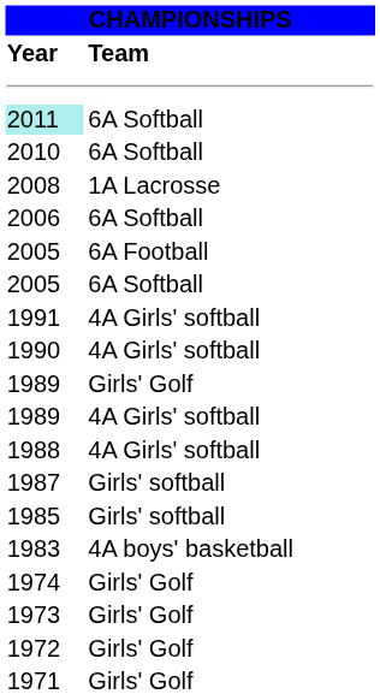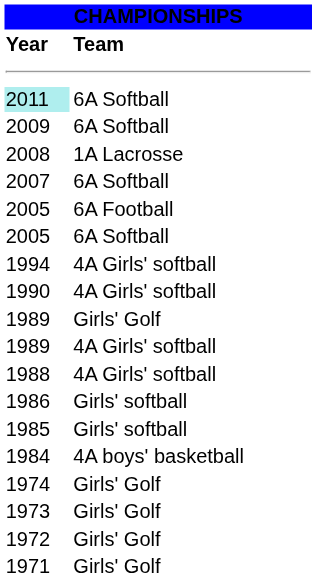 <table class="toccolours"  style="fixed:left; margin-left:1em; width:250px;">
 <tr>
 <th colspan="2" style="text-align: center; background:blue"><span><strong>CHAMPIONSHIPS</strong></span></th>
 </tr>
 <tr>
 <td><strong>Year</strong></td>
 <td><strong>Team</strong></td>
 </tr>
 <tr>
 <td colspan="2"><hr></td>
 </tr>
 <tr>
 <td style="background: paleturquoise;">2011</td>
 <td>6A Softball</td>
 </tr>
 <tr>
-<td>2010</td>
+<td>2009</td>
 <td>6A Softball</td>
 </tr>
 <tr>
 <td>2008</td>
 <td>1A Lacrosse</td>
 </tr>
 <tr>
-<td>2006</td>
+<td>2007</td>
 <td>6A Softball</td>
 </tr>
 <tr>
 <td>2005</td>
 <td>6A Football</td>
 </tr>
 <tr>
 <td>2005</td>
 <td>6A Softball</td>
 </tr>
 <tr>
-<td>1991</td>
+<td>1994</td>
 <td>4A Girls' softball</td>
 </tr>
 <tr>
 <td>1990</td>
 <td>4A Girls' softball</td>
 </tr>
 <tr>
 <td>1989</td>
 <td>Girls' Golf</td>
 </tr>
 <tr>
 <td>1989</td>
 <td>4A Girls' softball</td>
 </tr>
 <tr>
 <td>1988</td>
 <td>4A Girls' softball</td>
 </tr>
 <tr>
-<td>1987</td>
+<td>1986</td>
 <td>Girls' softball</td>
 </tr>
 <tr>
 <td>1985</td>
 <td>Girls' softball</td>
 </tr>
 <tr>
-<td>1983</td>
+<td>1984</td>
 <td>4A boys' basketball</td>
 </tr>
 <tr>
 <td>1974</td>
 <td>Girls' Golf</td>
 </tr>
 <tr>
 <td>1973</td>
 <td>Girls' Golf</td>
 </tr>
 <tr>
 <td>1972</td>
 <td>Girls' Golf</td>
 </tr>
 <tr>
 <td>1971</td>
 <td>Girls' Golf</td>
 </tr>
 </table>
